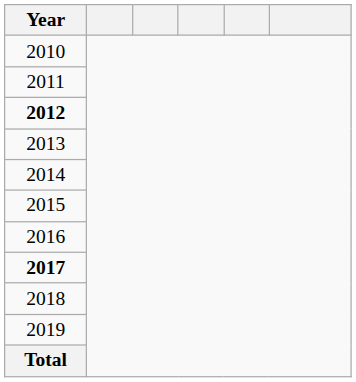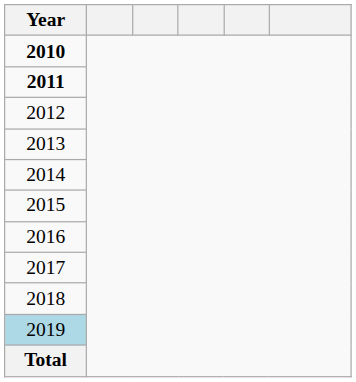 <table class="wikitable" style="text-align: center">
 <tr>
 <th width="60">Year</th>
 <th width="30"></th>
 <th width="30"></th>
 <th width="30"></th>
 <th width="30"></th>
 <th width="60"></th>
 </tr>
 <tr>
-<td>2010<br></td>
+<td><strong>2010<br></strong></td>
 </tr>
 <tr>
-<td>2011<br></td>
+<td><strong>2011<br></strong></td>
 </tr>
 <tr>
-<td><strong>2012<br></strong></td>
+<td>2012<br></td>
 </tr>
 <tr>
 <td>2013<br></td>
 </tr>
 <tr>
 <td>2014<br></td>
 </tr>
 <tr>
 <td>2015<br></td>
 </tr>
 <tr>
 <td>2016<br></td>
 </tr>
 <tr>
-<td><strong>2017<br></strong></td>
+<td>2017<br></td>
 </tr>
 <tr>
 <td>2018<br></td>
 </tr>
 <tr>
-<td>2019<br></td>
+<td style="background: lightblue;">2019<br></td>
 </tr>
 <tr>
 <th>Total<br></th>
 </tr>
 </table>
